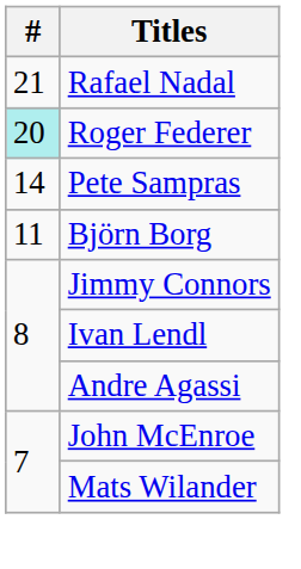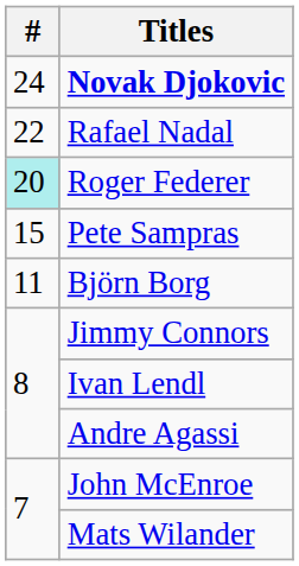 <table class="wikitable" style="display:inline-table;">
 <tr>
 <th width=20>#</th>
 <th>Titles</th>
 </tr>
 <tr>
-<td>21</td>
+<td>24</td>
+<td> <strong><a href='#'>Novak Djokovic</a></strong></td>
+</tr>
+<tr>
+<td>22</td>
 <td> <a href='#'>Rafael Nadal</a></td>
 </tr>
 <tr>
 <td style="background: paleturquoise;">20</td>
 <td> <a href='#'>Roger Federer</a></td>
 </tr>
 <tr>
-<td>14</td>
+<td>15</td>
 <td> <a href='#'>Pete Sampras</a></td>
 </tr>
 <tr>
 <td>11</td>
 <td> <a href='#'>Björn Borg</a></td>
 </tr>
 <tr>
 <td rowspan="3">8</td>
 <td> <a href='#'>Jimmy Connors</a></td>
 </tr>
 <tr>
 <td> <a href='#'>Ivan Lendl</a></td>
 </tr>
 <tr>
 <td> <a href='#'>Andre Agassi</a></td>
 </tr>
 <tr>
 <td rowspan="2">7</td>
 <td> <a href='#'>John McEnroe</a></td>
 </tr>
 <tr>
 <td> <a href='#'>Mats Wilander</a></td>
 </tr>
 </table>
